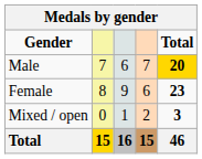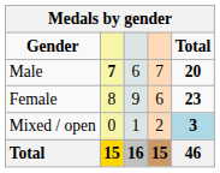 <table class="wikitable" style="text-align:center;font-size:90%">
 <tr style="background:#efefef;">
 <th colspan=7>Medals by gender</th>
 </tr>
 <tr>
 <td><strong>Gender</strong></td>
 <td bgcolor=#f7f6a8></td>
 <td bgcolor=#dce5e5></td>
 <td bgcolor=#ffdab9></td>
 <td><strong>Total</strong></td>
 </tr>
 <tr>
 <td style="text-align:left;">Male</td>
-<td style="background:#F7F6A8;">7</td>
+<td style="background:#F7F6A8;"><strong>7</strong></td>
 <td style="background:#DCE5E5;">6</td>
 <td style="background:#FFDAB9;">7</td>
-<td style="background: gold;"><strong>20</strong></td>
+<td><strong>20</strong></td>
 </tr>
 <tr>
 <td style="text-align:left;">Female</td>
 <td style="background:#F7F6A8;">8</td>
 <td style="background:#DCE5E5;">9</td>
 <td style="background:#FFDAB9;">6</td>
 <td><strong>23</strong></td>
 </tr>
 <tr>
 <td style="text-align:left;">Mixed / open</td>
 <td style="background:#F7F6A8;">0</td>
 <td style="background:#DCE5E5;">1</td>
 <td style="background:#FFDAB9;">2</td>
-<td><strong>3</strong></td>
+<td style="background: lightblue;"><strong>3</strong></td>
 </tr>
 <tr>
 <th style="text-align:left;">Total</th>
 <th style="background:gold;">15</th>
 <th style="background:silver;">16</th>
 <th style="background:#c96;">15</th>
 <th>46</th>
 </tr>
 </table>
